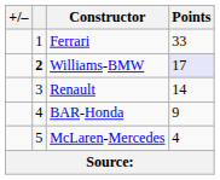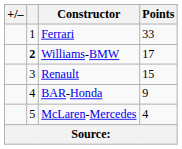 <table class="wikitable" style="font-size: 85%;">
 <tr>
 <th scope="col">+/–</th>
 <th scope="col"></th>
 <th scope="col">Constructor</th>
 <th scope="col">Points</th>
 </tr>
 <tr>
 <td scope="row"></td>
 <td align="center">1</td>
 <td> <a href='#'>Ferrari</a></td>
 <td>33</td>
 </tr>
 <tr>
 <td scope="row"></td>
 <td align="center"><strong>2</strong></td>
 <td> <a href='#'>Williams</a>-<a href='#'>BMW</a></td>
-<td style="background: lavender;">17</td>
+<td>17</td>
 </tr>
 <tr>
 <td scope="row"></td>
 <td align="center">3</td>
 <td> <a href='#'>Renault</a></td>
-<td>14</td>
+<td>15</td>
 </tr>
 <tr>
 <td scope="row"></td>
 <td align="center">4</td>
 <td> <a href='#'>BAR</a>-<a href='#'>Honda</a></td>
 <td>9</td>
 </tr>
 <tr>
 <td scope="row"></td>
 <td align="center">5</td>
 <td> <a href='#'>McLaren</a>-<a href='#'>Mercedes</a></td>
 <td>4</td>
 </tr>
 <tr>
 <th colspan=4>Source: </th>
 </tr>
 </table>
